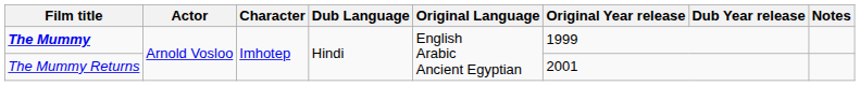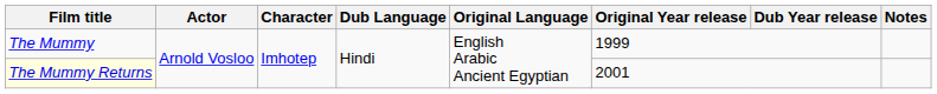 <table class="wikitable">
 <tr>
 <th>Film title</th>
 <th>Actor</th>
 <th>Character</th>
 <th>Dub Language</th>
 <th>Original Language</th>
 <th>Original Year release</th>
 <th>Dub Year release</th>
 <th>Notes</th>
 </tr>
 <tr>
-<td><strong><em><a href='#'>The Mummy</a></em></strong></td>
+<td><em><a href='#'>The Mummy</a></em></td>
 <td rowspan="2"><a href='#'>Arnold Vosloo</a></td>
 <td rowspan="2"><a href='#'>Imhotep</a></td>
 <td rowspan="2">Hindi</td>
 <td rowspan="2">English <br> Arabic <br> Ancient Egyptian</td>
 <td colspan="2">1999</td>
 <td></td>
 </tr>
 <tr>
-<td><em><a href='#'>The Mummy Returns</a></em></td>
+<td style="background: lightyellow;"><em><a href='#'>The Mummy Returns</a></em></td>
 <td colspan="2">2001</td>
 <td></td>
 </tr>
 </table>
